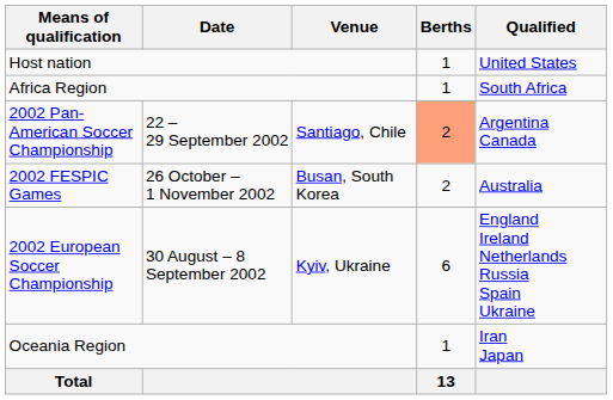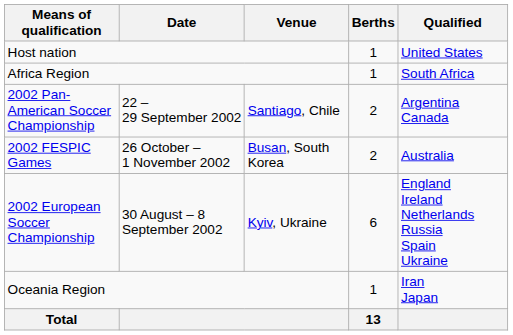 <table class="wikitable" style="width:95%;">
 <tr>
 <th width=25%>Means of qualification</th>
 <th width=20%>Date</th>
 <th width=25%>Venue</th>
 <th width=5%>Berths</th>
 <th width=25%>Qualified</th>
 </tr>
 <tr>
 <td colspan=3>Host nation</td>
 <td align=center>1</td>
 <td> <a href='#'>United States</a></td>
 </tr>
 <tr>
 <td colspan=3>Africa Region</td>
 <td align=center>1</td>
 <td> <a href='#'>South Africa</a></td>
 </tr>
 <tr>
 <td><a href='#'>2002 Pan-American Soccer Championship</a></td>
 <td>22 – 29 September 2002</td>
 <td> <a href='#'>Santiago</a>, Chile</td>
-<td align="center" style="background: lightsalmon;">2</td>
+<td align="center">2</td>
 <td> <a href='#'>Argentina</a><br> <a href='#'>Canada</a></td>
 </tr>
 <tr>
 <td><a href='#'>2002 FESPIC Games</a></td>
 <td>26 October – 1 November 2002</td>
 <td> <a href='#'>Busan</a>, South Korea</td>
 <td align="center">2</td>
 <td> <a href='#'>Australia</a></td>
 </tr>
 <tr>
 <td><a href='#'>2002 European Soccer Championship</a></td>
 <td>30 August – 8 September 2002</td>
 <td> <a href='#'>Kyiv</a>, Ukraine</td>
 <td align="center">6</td>
 <td> <a href='#'>England</a><br> <a href='#'>Ireland</a><br> <a href='#'>Netherlands</a><br> <a href='#'>Russia</a><br> <a href='#'>Spain</a><br> <a href='#'>Ukraine</a></td>
 </tr>
 <tr>
 <td colspan=3>Oceania Region</td>
 <td align="center">1</td>
 <td> <a href='#'>Iran</a><br> <a href='#'>Japan</a></td>
 </tr>
 <tr>
 <th>Total</th>
 <th colspan="2"></th>
 <th>13</th>
 <th></th>
 </tr>
 </table>
